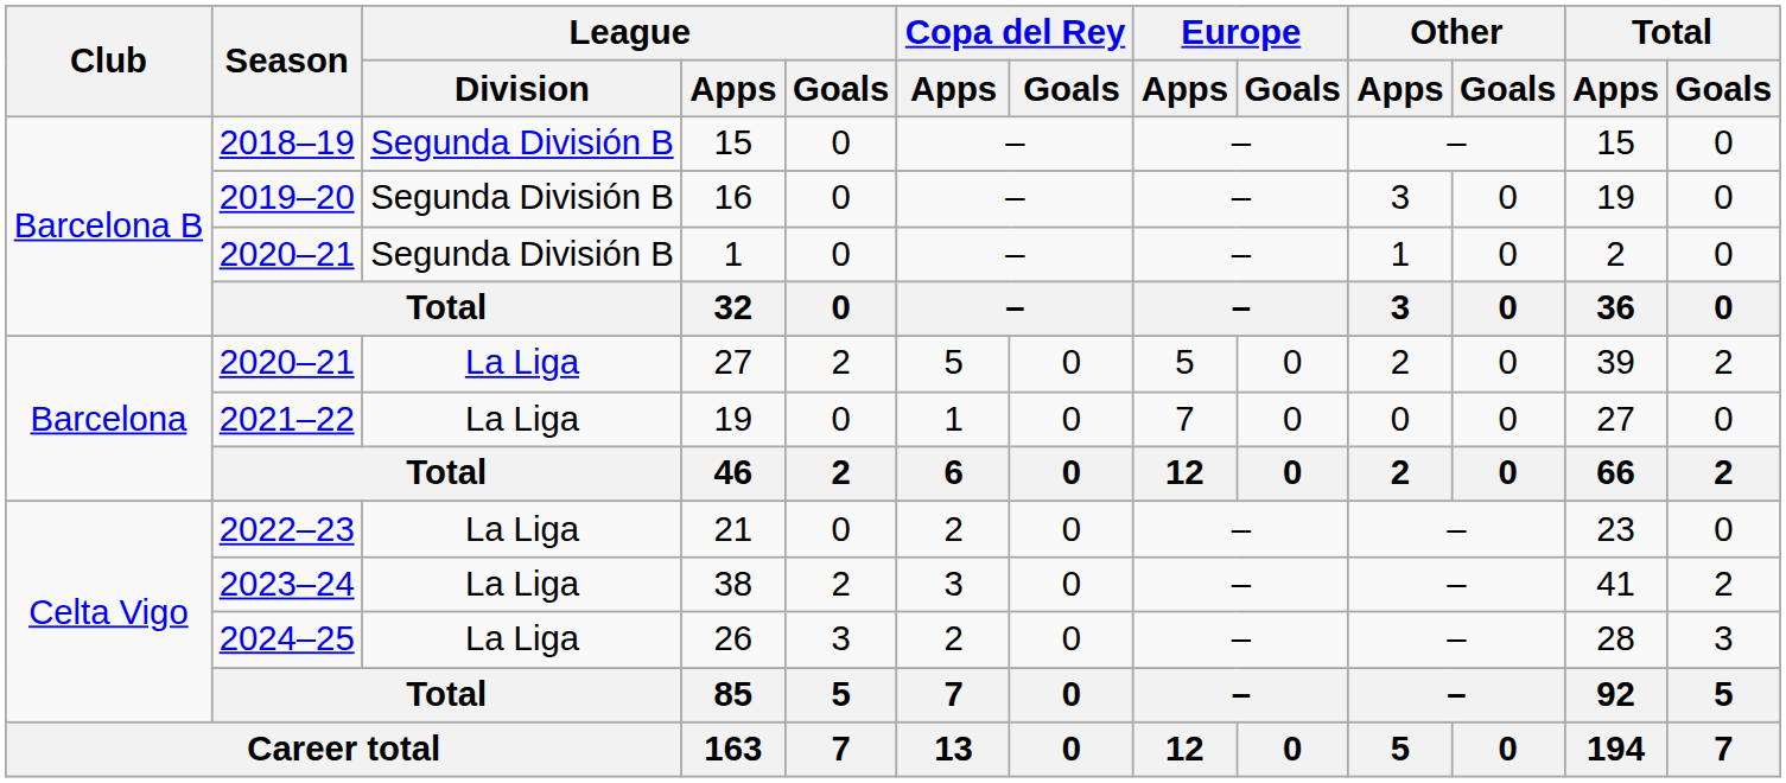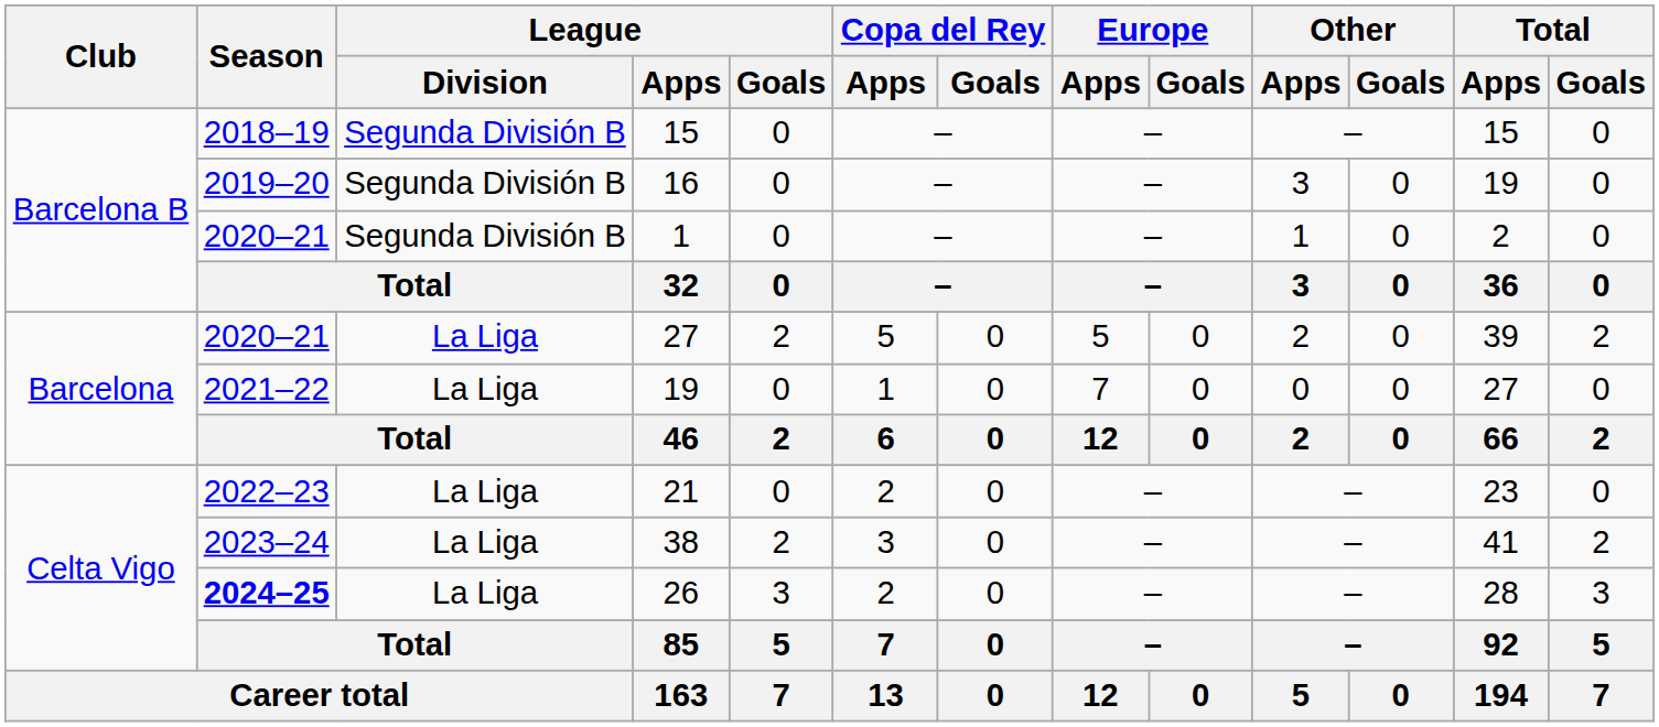 <table class="wikitable" style="text-align:center">
 <tr>
 <th rowspan="2">Club</th>
 <th rowspan="2">Season</th>
 <th colspan="3">League</th>
 <th colspan="2"><a href='#'>Copa del Rey</a></th>
 <th colspan="2"><a href='#'>Europe</a></th>
 <th colspan="2">Other</th>
 <th colspan="2">Total</th>
 </tr>
 <tr>
 <th>Division</th>
 <th>Apps</th>
 <th>Goals</th>
 <th>Apps</th>
 <th>Goals</th>
 <th>Apps</th>
 <th>Goals</th>
 <th>Apps</th>
 <th>Goals</th>
 <th>Apps</th>
 <th>Goals</th>
 </tr>
 <tr>
 <td rowspan="4"><a href='#'>Barcelona B</a></td>
 <td><a href='#'>2018–19</a></td>
 <td><a href='#'>Segunda División B</a></td>
 <td>15</td>
 <td>0</td>
 <td colspan="2">–</td>
 <td colspan="2">–</td>
 <td colspan="2">–</td>
 <td>15</td>
 <td>0</td>
 </tr>
 <tr>
 <td><a href='#'>2019–20</a></td>
 <td>Segunda División B</td>
 <td>16</td>
 <td>0</td>
 <td colspan="2">–</td>
 <td colspan="2">–</td>
 <td>3</td>
 <td>0</td>
 <td>19</td>
 <td>0</td>
 </tr>
 <tr>
 <td><a href='#'>2020–21</a></td>
 <td>Segunda División B</td>
 <td>1</td>
 <td>0</td>
 <td colspan="2">–</td>
 <td colspan="2">–</td>
 <td>1</td>
 <td>0</td>
 <td>2</td>
 <td>0</td>
 </tr>
 <tr>
 <th colspan="2">Total</th>
 <th>32</th>
 <th>0</th>
 <th colspan="2">–</th>
 <th colspan="2">–</th>
 <th>3</th>
 <th>0</th>
 <th>36</th>
 <th>0</th>
 </tr>
 <tr>
 <td rowspan="3"><a href='#'>Barcelona</a></td>
 <td><a href='#'>2020–21</a></td>
 <td><a href='#'>La Liga</a></td>
 <td>27</td>
 <td>2</td>
 <td>5</td>
 <td>0</td>
 <td>5</td>
 <td>0</td>
 <td>2</td>
 <td>0</td>
 <td>39</td>
 <td>2</td>
 </tr>
 <tr>
 <td><a href='#'>2021–22</a></td>
 <td>La Liga</td>
 <td>19</td>
 <td>0</td>
 <td>1</td>
 <td>0</td>
 <td>7</td>
 <td>0</td>
 <td>0</td>
 <td>0</td>
 <td>27</td>
 <td>0</td>
 </tr>
 <tr>
 <th colspan="2">Total</th>
 <th>46</th>
 <th>2</th>
 <th>6</th>
 <th>0</th>
 <th>12</th>
 <th>0</th>
 <th>2</th>
 <th>0</th>
 <th>66</th>
 <th>2</th>
 </tr>
 <tr>
 <td rowspan="4"><a href='#'>Celta Vigo</a></td>
 <td><a href='#'>2022–23</a></td>
 <td>La Liga</td>
 <td>21</td>
 <td>0</td>
 <td>2</td>
 <td>0</td>
 <td colspan="2">–</td>
 <td colspan="2">–</td>
 <td>23</td>
 <td>0</td>
 </tr>
 <tr>
 <td><a href='#'>2023–24</a></td>
 <td>La Liga</td>
 <td>38</td>
 <td>2</td>
 <td>3</td>
 <td>0</td>
 <td colspan="2">–</td>
 <td colspan="2">–</td>
 <td>41</td>
 <td>2</td>
 </tr>
 <tr>
-<td><a href='#'>2024–25</a></td>
+<td><strong><a href='#'>2024–25</a></strong></td>
 <td>La Liga</td>
 <td>26</td>
 <td>3</td>
 <td>2</td>
 <td>0</td>
 <td colspan="2">–</td>
 <td colspan="2">–</td>
 <td>28</td>
 <td>3</td>
 </tr>
 <tr>
 <th colspan="2">Total</th>
 <th>85</th>
 <th>5</th>
 <th>7</th>
 <th>0</th>
 <th colspan="2">–</th>
 <th colspan="2">–</th>
 <th>92</th>
 <th>5</th>
 </tr>
 <tr>
 <th colspan="3">Career total</th>
 <th>163</th>
 <th>7</th>
 <th>13</th>
 <th>0</th>
 <th>12</th>
 <th>0</th>
 <th>5</th>
 <th>0</th>
 <th>194</th>
 <th>7</th>
 </tr>
 </table>
